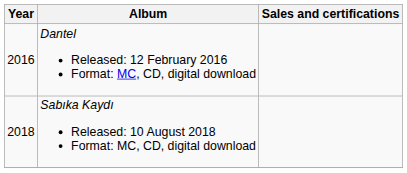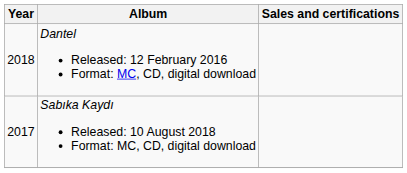 <table class="wikitable">
 <tr>
 <th>Year</th>
 <th>Album</th>
 <th>Sales and certifications</th>
 </tr>
 <tr>
-<td>2016</td>
+<td>2018</td>
 <td><em>Dantel</em><br><ul><li>Released: 12 February 2016</li><li>Format: <a href='#'>MC</a>, CD, digital download</li></ul></td>
 <td></td>
 </tr>
 <tr>
-<td>2018</td>
+<td>2017</td>
 <td><em>Sabıka Kaydı</em><br><ul><li>Released: 10 August 2018</li><li>Format: MC, CD, digital download</li></ul></td>
 <td></td>
 </tr>
 <tr>
 </tr>
 </table>
